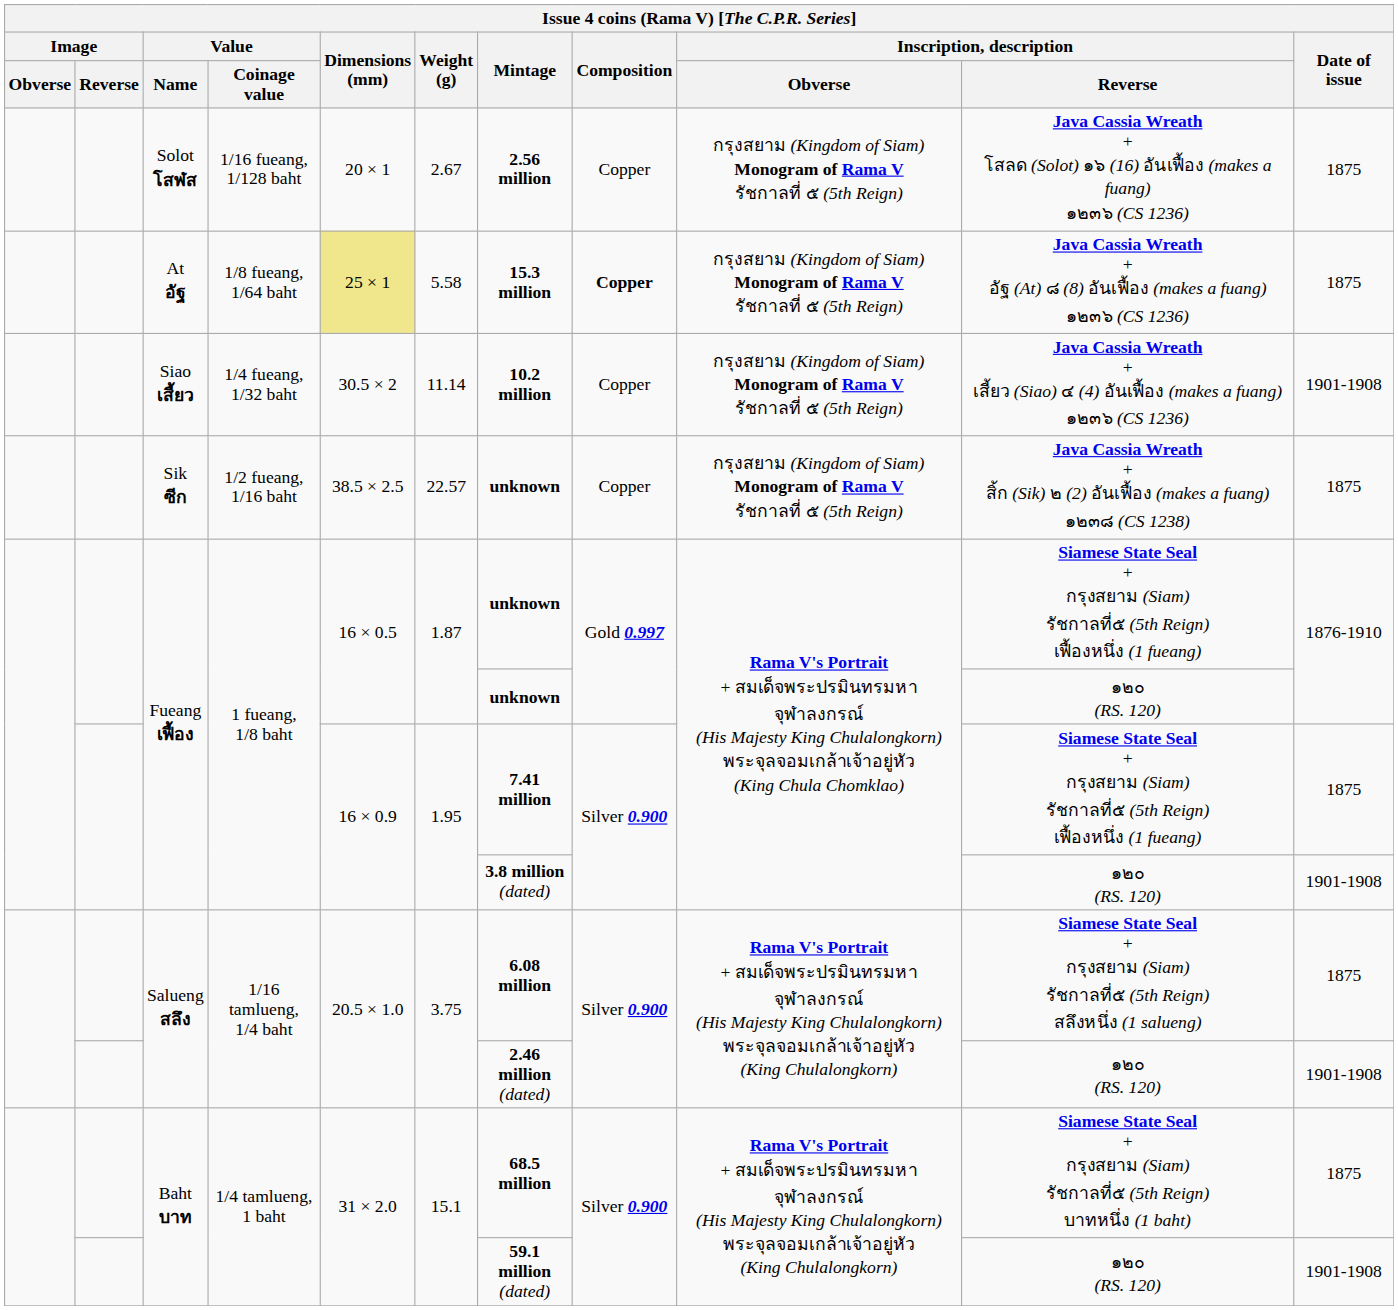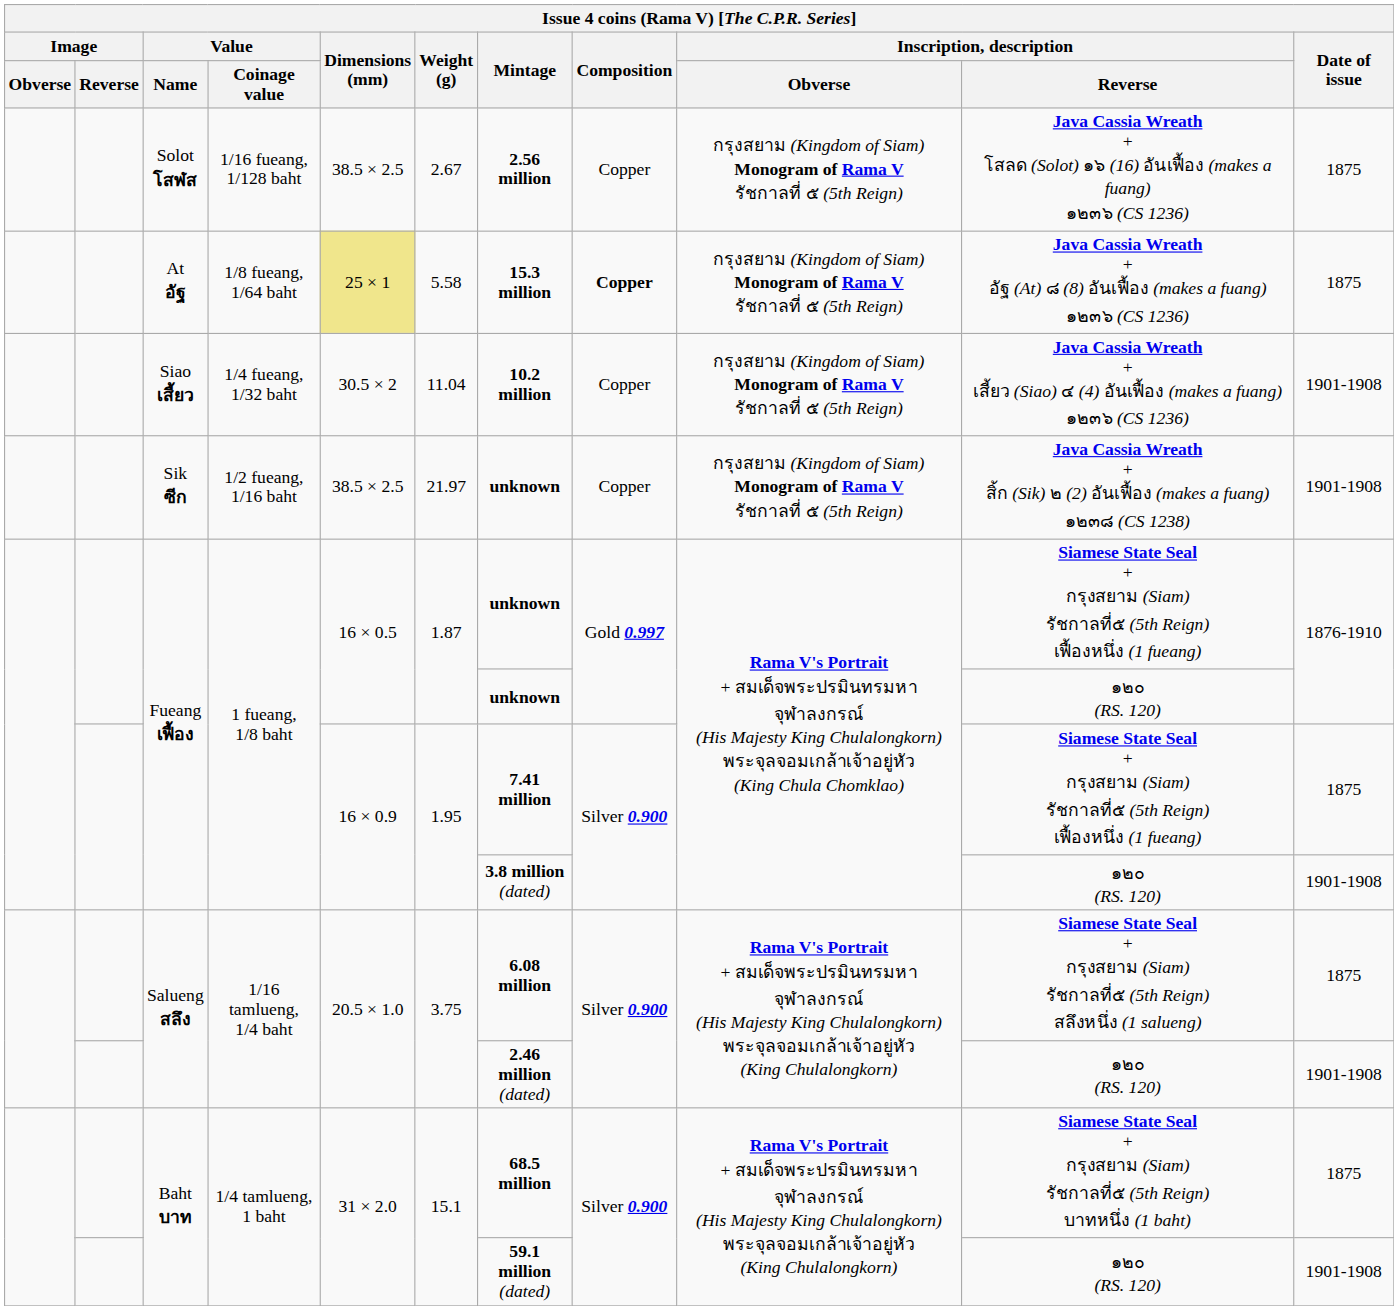 <table class="wikitable" style="width:100%; text-align: center">
 <tr>
 <th colspan="11">Issue 4 coins (Rama V) [<em>The C.P.R. Series</em>]</th>
 </tr>
 <tr>
 <th colspan="2">Image</th>
 <th colspan="2">Value</th>
 <th rowspan="2">Dimensions<br>(mm)</th>
 <th rowspan="2">Weight<br>(g)</th>
 <th rowspan="2">Mintage</th>
 <th rowspan="2">Composition</th>
 <th colspan="2">Inscription, description</th>
 <th rowspan="2">Date of issue</th>
 </tr>
 <tr>
 <th>Obverse</th>
 <th>Reverse</th>
 <th>Name</th>
 <th>Coinage value</th>
 <th>Obverse</th>
 <th>Reverse</th>
 </tr>
 <tr>
 <td></td>
 <td></td>
 <td>Solot<br><strong>โสฬส</strong></td>
 <td>1/16 fueang,<br>1/128 baht</td>
-<td>20 × 1</td>
+<td>38.5 × 2.5</td>
 <td>2.67</td>
 <td><strong>2.56 million</strong></td>
 <td>Copper</td>
 <td>กรุงสยาม <em>(Kingdom of Siam)</em><br><strong>Monogram of <a href='#'>Rama V</a></strong><br>รัชกาลที่ ๕ <em>(5th Reign)</em></td>
 <td><strong><a href='#'>Java Cassia Wreath</a></strong><br>+<br>โสลด <em>(Solot)</em> ๑๖ <em>(16)</em> อันเฟื้อง <em>(makes a fuang)</em><br>๑๒๓๖ <em>(CS 1236)</em></td>
 <td>1875</td>
 </tr>
 <tr>
 <td></td>
 <td></td>
 <td>At<br><strong>อัฐ</strong></td>
 <td>1/8 fueang,<br>1/64 baht</td>
 <td style="background: khaki;">25 × 1</td>
 <td>5.58</td>
 <td><strong>15.3 million</strong></td>
 <td><strong>Copper</strong></td>
 <td>กรุงสยาม <em>(Kingdom of Siam)</em><br><strong>Monogram of <a href='#'>Rama V</a></strong><br>รัชกาลที่ ๕ <em>(5th Reign)</em></td>
 <td><strong><a href='#'>Java Cassia Wreath</a></strong><br>+<br>อัฐ <em>(At)</em> ๘ <em>(8)</em> อันเฟื้อง <em>(makes a fuang)</em><br>๑๒๓๖ <em>(CS 1236)</em></td>
 <td>1875</td>
 </tr>
 <tr>
 <td></td>
 <td></td>
 <td>Siao<br><strong>เสี้ยว</strong></td>
 <td>1/4 fueang,<br>1/32 baht</td>
 <td>30.5 × 2</td>
-<td>11.14</td>
+<td>11.04</td>
 <td><strong>10.2 million</strong></td>
 <td>Copper</td>
 <td>กรุงสยาม <em>(Kingdom of Siam)</em><br><strong>Monogram of <a href='#'>Rama V</a></strong><br>รัชกาลที่ ๕ <em>(5th Reign)</em></td>
 <td><strong><a href='#'>Java Cassia Wreath</a></strong><br>+<br>เสี้ยว <em>(Siao)</em> ๔ <em>(4)</em> อันเฟื้อง <em>(makes a fuang)</em><br>๑๒๓๖ <em>(CS 1236)</em></td>
 <td>1901-1908</td>
 </tr>
 <tr>
 <td></td>
 <td></td>
 <td>Sik<br><strong>ซีก</strong></td>
 <td>1/2 fueang,<br>1/16 baht</td>
 <td>38.5 × 2.5</td>
-<td>22.57</td>
+<td>21.97</td>
 <td><strong>unknown</strong></td>
 <td>Copper</td>
 <td>กรุงสยาม <em>(Kingdom of Siam)</em><br><strong>Monogram of <a href='#'>Rama V</a></strong><br>รัชกาลที่ ๕ <em>(5th Reign)</em></td>
 <td><strong><a href='#'>Java Cassia Wreath</a></strong><br>+<br>สิ้ก <em>(Sik)</em> ๒ <em>(2)</em> อันเฟื้อง <em>(makes a fuang)</em><br>๑๒๓๘ <em>(CS 1238)</em></td>
-<td>1875</td>
+<td>1901-1908</td>
 </tr>
 <tr>
 <td rowspan="4"></td>
 <td rowspan="2"></td>
 <td rowspan="4">Fueang<br><strong>เฟื้อง</strong></td>
 <td rowspan="4">1 fueang,<br>1/8 baht</td>
 <td rowspan="2">16 × 0.5</td>
 <td rowspan="2">1.87</td>
 <td><strong>unknown</strong></td>
 <td rowspan="2">Gold <strong><em><a href='#'>0.997</a></em></strong></td>
 <td rowspan="4"><strong><a href='#'>Rama V's Portrait</a></strong><br>+ สมเด็จพระปรมินทรมหาจุฬาลงกรณ์<br><em>(His Majesty King Chulalongkorn)</em><br>พระจุลจอมเกล้าเจ้าอยู่หัว<br><em>(King Chula Chomklao)</em></td>
 <td><strong><a href='#'>Siamese State Seal</a></strong><br>+<br>กรุงสยาม <em>(Siam)</em><br>รัชกาลที่๕ <em>(5th Reign)</em><br>เฟื้องหนึ่ง <em>(1 fueang)</em></td>
 <td rowspan="2">1876-1910</td>
 </tr>
 <tr>
 <td><strong>unknown</strong></td>
 <td>๑๒๐<br><em>(RS. 120)</em></td>
 </tr>
 <tr>
 <td rowspan="2"></td>
 <td rowspan="2">16 × 0.9</td>
 <td rowspan="2">1.95</td>
 <td><strong>7.41 million</strong></td>
 <td rowspan="2">Silver <strong><em><a href='#'>0.900</a></em></strong></td>
 <td><strong><a href='#'>Siamese State Seal</a></strong><br>+<br>กรุงสยาม <em>(Siam)</em><br>รัชกาลที่๕ <em>(5th Reign)</em><br>เฟื้องหนึ่ง <em>(1 fueang)</em></td>
 <td>1875</td>
 </tr>
 <tr>
 <td><strong>3.8 million</strong><br><em>(dated)</em></td>
 <td>๑๒๐<br><em>(RS. 120)</em></td>
 <td>1901-1908</td>
 </tr>
 <tr>
 <td rowspan="2"></td>
 <td></td>
 <td rowspan="2">Salueng<br><strong>สลึง</strong></td>
 <td rowspan="2">1/16 tamlueng,<br>1/4 baht</td>
 <td rowspan="2">20.5 × 1.0</td>
 <td rowspan="2">3.75</td>
 <td><strong>6.08 million</strong></td>
 <td rowspan="2">Silver <strong><em><a href='#'>0.900</a></em></strong></td>
 <td rowspan="2"><strong><a href='#'>Rama V's Portrait</a></strong><br>+ สมเด็จพระปรมินทรมหาจุฬาลงกรณ์<br><em>(His Majesty King Chulalongkorn)</em><br>พระจุลจอมเกล้าเจ้าอยู่หัว<br><em>(King Chulalongkorn)</em></td>
 <td><strong><a href='#'>Siamese State Seal</a></strong><br>+<br>กรุงสยาม <em>(Siam)</em><br>รัชกาลที่๕ <em>(5th Reign)</em><br>สลึงหนึ่ง <em>(1 salueng)</em></td>
 <td>1875</td>
 </tr>
 <tr>
 <td></td>
 <td><strong>2.46 million</strong><br><em>(dated)</em></td>
 <td>๑๒๐<br><em>(RS. 120)</em></td>
 <td>1901-1908</td>
 </tr>
 <tr>
 <td rowspan="2"></td>
 <td></td>
 <td rowspan="2">Baht<br><strong>บาท</strong></td>
 <td rowspan="2">1/4 tamlueng,<br>1 baht</td>
 <td rowspan="2">31 × 2.0</td>
 <td rowspan="2">15.1</td>
 <td><strong>68.5 million</strong></td>
 <td rowspan="2">Silver <strong><em><a href='#'>0.900</a></em></strong></td>
 <td rowspan="2"><strong><a href='#'>Rama V's Portrait</a></strong><br>+ สมเด็จพระปรมินทรมหาจุฬาลงกรณ์<br><em>(His Majesty King Chulalongkorn)</em><br>พระจุลจอมเกล้าเจ้าอยู่หัว<br><em>(King Chulalongkorn)</em></td>
 <td><strong><a href='#'>Siamese State Seal</a></strong><br>+<br>กรุงสยาม <em>(Siam)</em><br>รัชกาลที่๕ <em>(5th Reign)</em><br>บาทหนึ่ง <em>(1 baht)</em></td>
 <td>1875</td>
 </tr>
 <tr>
 <td></td>
 <td><strong>59.1 million</strong><br><em>(dated)</em></td>
 <td>๑๒๐<br><em>(RS. 120)</em></td>
 <td>1901-1908</td>
 </tr>
 </table>
